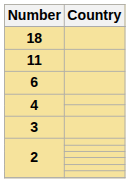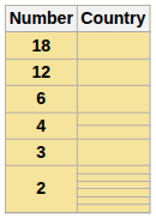 <table class="wikitable" rowspan=2 style="text-align: center; background: #f6e39c">
 <tr>
 <th scope="col" style="width:55px;">Number</th>
 <th scope="col" style="text-align:center;">Country</th>
 </tr>
 <tr>
 </tr>
 <tr>
 <td><strong>18</strong></td>
 <td></td>
 </tr>
 <tr>
-<td><strong>11</strong></td>
+<td><strong>12</strong></td>
 <td></td>
 </tr>
 <tr>
 <td><strong>6</strong></td>
 <td></td>
 </tr>
 <tr>
 <td rowspan="2"><strong>4</strong></td>
 <td></td>
 </tr>
 <tr>
 <td></td>
 </tr>
 <tr>
 <td><strong>3</strong></td>
 <td></td>
 </tr>
 <tr>
 <td rowspan="6"><strong>2</strong></td>
 <td></td>
 </tr>
 <tr>
 <td></td>
 </tr>
 <tr>
 <td></td>
 </tr>
 <tr>
 <td></td>
 </tr>
 <tr>
 <td></td>
 </tr>
 <tr>
 <td></td>
 </tr>
 <tr>
 </tr>
 </table>
